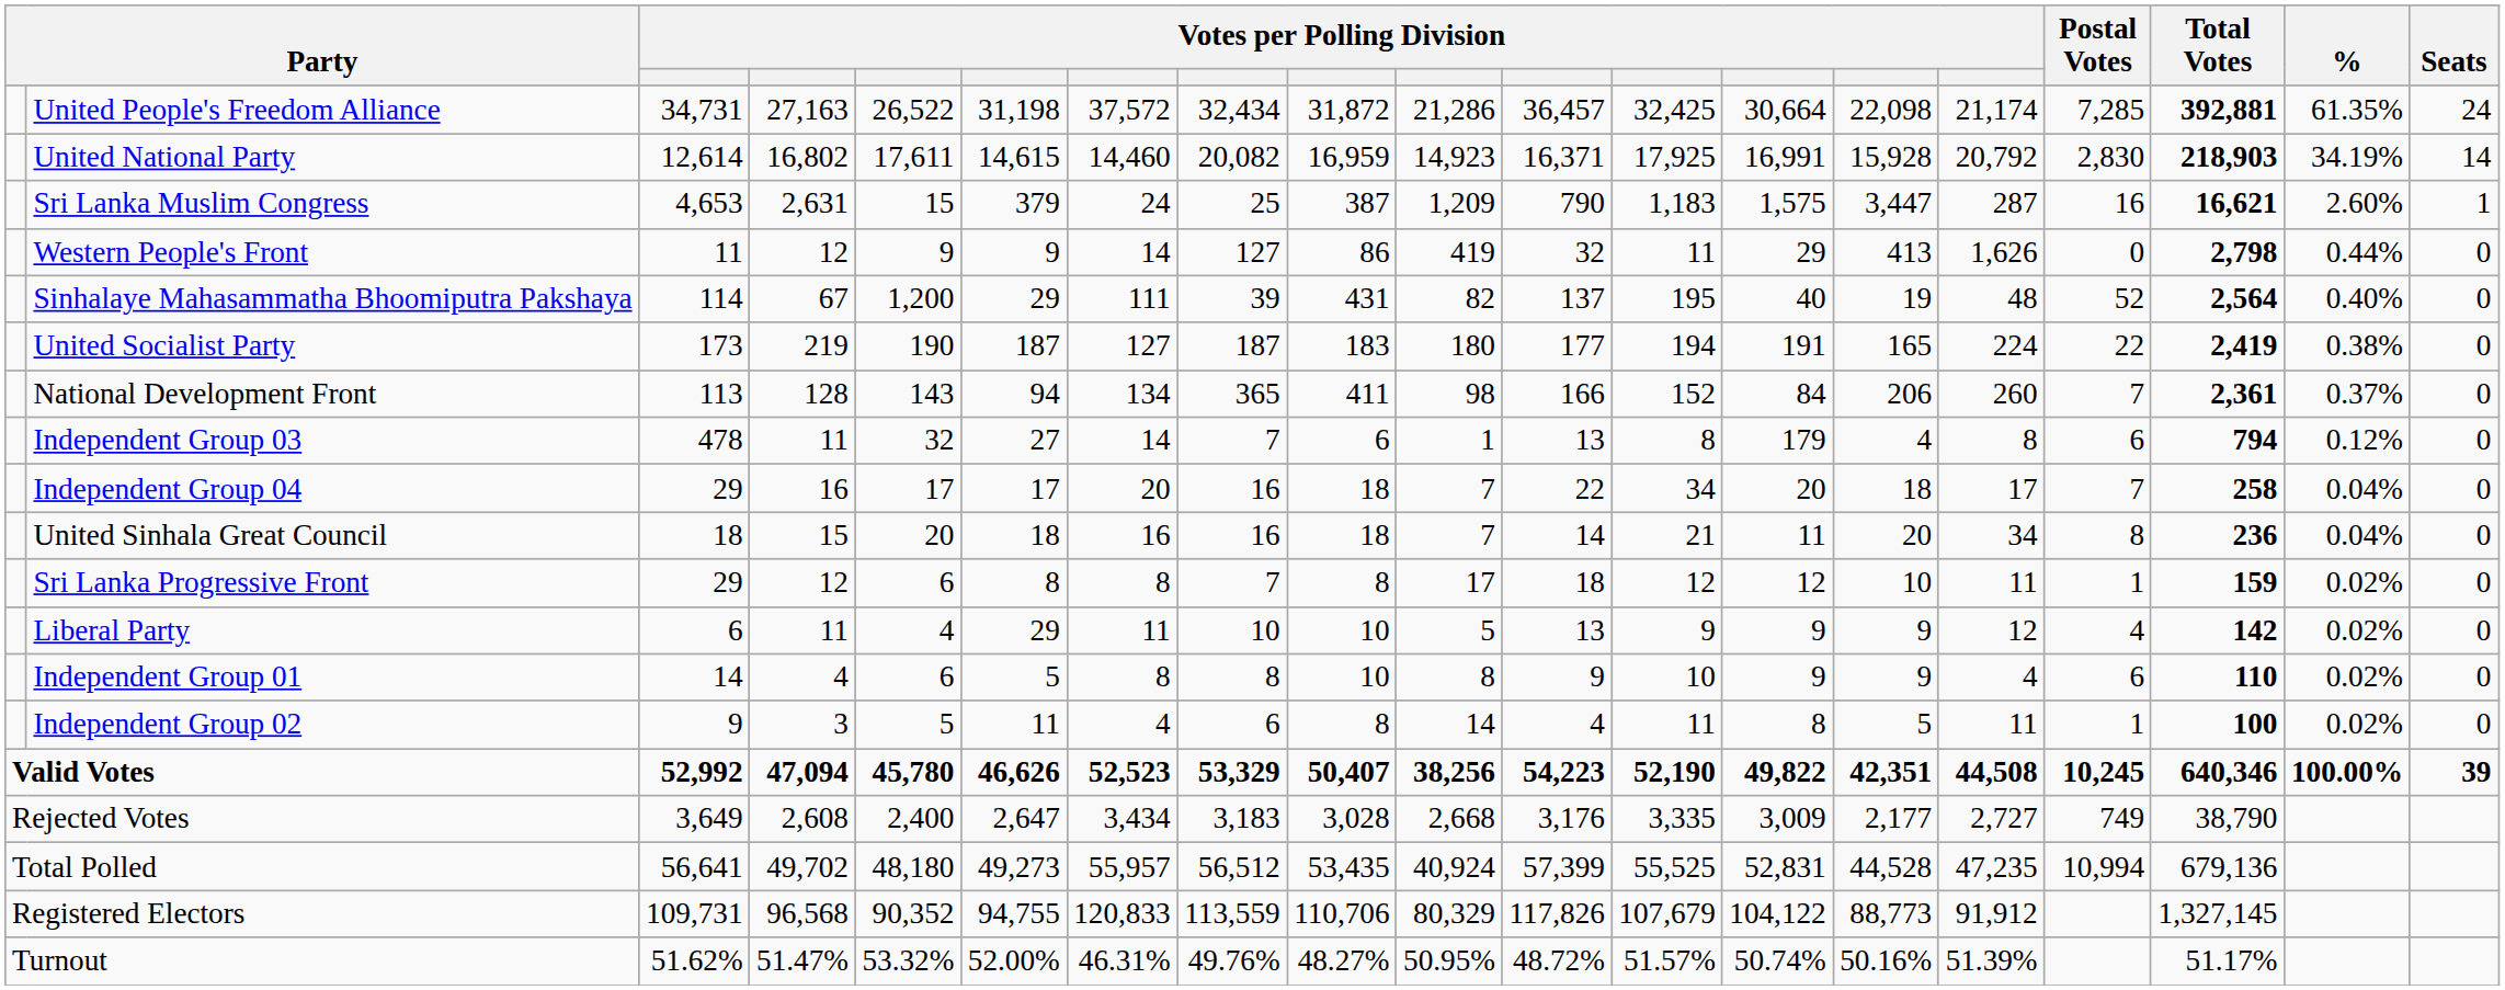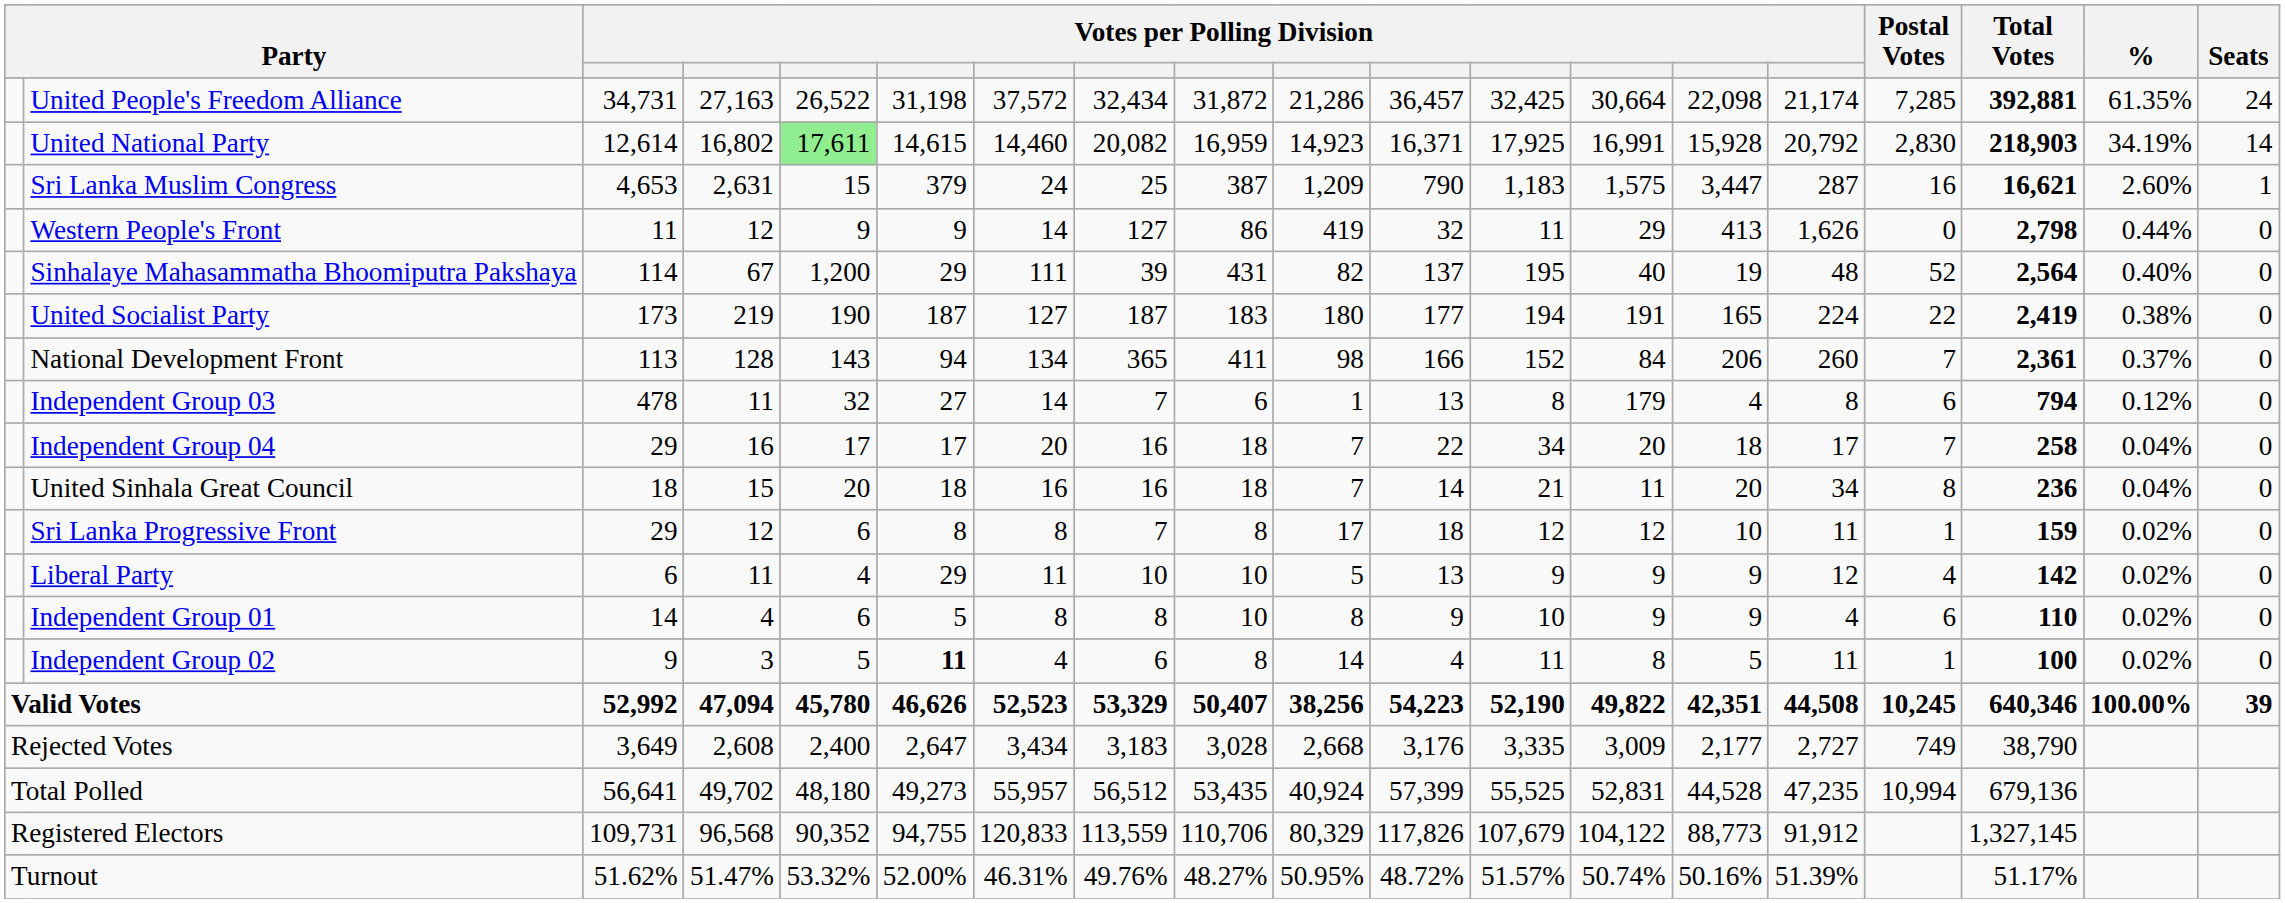 <table class="wikitable" border="1" style="text-align:right;">
 <tr>
 <th align=left valign=bottom rowspan=2 colspan=2>Party</th>
 <th colspan=13>Votes per Polling Division</th>
 <th align=center valign=bottom rowspan=2 width="50">Postal<br>Votes</th>
 <th align=center valign=bottom rowspan=2 width="50">Total Votes</th>
 <th align=center valign=bottom rowspan=2 width="50">%</th>
 <th align=center valign=bottom rowspan=2 width="40">Seats</th>
 </tr>
 <tr>
 <th></th>
 <th></th>
 <th></th>
 <th></th>
 <th></th>
 <th></th>
 <th></th>
 <th></th>
 <th></th>
 <th></th>
 <th></th>
 <th></th>
 <th></th>
 </tr>
 <tr>
 <td bgcolor=> </td>
 <td align=left><a href='#'>United People's Freedom Alliance</a></td>
 <td>34,731</td>
 <td>27,163</td>
 <td>26,522</td>
 <td>31,198</td>
 <td>37,572</td>
 <td>32,434</td>
 <td>31,872</td>
 <td>21,286</td>
 <td>36,457</td>
 <td>32,425</td>
 <td>30,664</td>
 <td>22,098</td>
 <td>21,174</td>
 <td>7,285</td>
 <td><strong>392,881</strong></td>
 <td>61.35%</td>
 <td>24</td>
 </tr>
 <tr>
 <td bgcolor=> </td>
 <td align=left><a href='#'>United National Party</a></td>
 <td>12,614</td>
 <td>16,802</td>
-<td>17,611</td>
+<td style="background: lightgreen;">17,611</td>
 <td>14,615</td>
 <td>14,460</td>
 <td>20,082</td>
 <td>16,959</td>
 <td>14,923</td>
 <td>16,371</td>
 <td>17,925</td>
 <td>16,991</td>
 <td>15,928</td>
 <td>20,792</td>
 <td>2,830</td>
 <td><strong>218,903</strong></td>
 <td>34.19%</td>
 <td>14</td>
 </tr>
 <tr>
 <td bgcolor=> </td>
 <td align=left><a href='#'>Sri Lanka Muslim Congress</a></td>
 <td>4,653</td>
 <td>2,631</td>
 <td>15</td>
 <td>379</td>
 <td>24</td>
 <td>25</td>
 <td>387</td>
 <td>1,209</td>
 <td>790</td>
 <td>1,183</td>
 <td>1,575</td>
 <td>3,447</td>
 <td>287</td>
 <td>16</td>
 <td><strong>16,621</strong></td>
 <td>2.60%</td>
 <td>1</td>
 </tr>
 <tr>
 <td bgcolor=> </td>
 <td align=left><a href='#'>Western People's Front</a></td>
 <td>11</td>
 <td>12</td>
 <td>9</td>
 <td>9</td>
 <td>14</td>
 <td>127</td>
 <td>86</td>
 <td>419</td>
 <td>32</td>
 <td>11</td>
 <td>29</td>
 <td>413</td>
 <td>1,626</td>
 <td>0</td>
 <td><strong>2,798</strong></td>
 <td>0.44%</td>
 <td>0</td>
 </tr>
 <tr>
 <td bgcolor=> </td>
 <td align=left><a href='#'>Sinhalaye Mahasammatha Bhoomiputra Pakshaya</a></td>
 <td>114</td>
 <td>67</td>
 <td>1,200</td>
 <td>29</td>
 <td>111</td>
 <td>39</td>
 <td>431</td>
 <td>82</td>
 <td>137</td>
 <td>195</td>
 <td>40</td>
 <td>19</td>
 <td>48</td>
 <td>52</td>
 <td><strong>2,564</strong></td>
 <td>0.40%</td>
 <td>0</td>
 </tr>
 <tr>
 <td bgcolor=> </td>
 <td align=left><a href='#'>United Socialist Party</a></td>
 <td>173</td>
 <td>219</td>
 <td>190</td>
 <td>187</td>
 <td>127</td>
 <td>187</td>
 <td>183</td>
 <td>180</td>
 <td>177</td>
 <td>194</td>
 <td>191</td>
 <td>165</td>
 <td>224</td>
 <td>22</td>
 <td><strong>2,419</strong></td>
 <td>0.38%</td>
 <td>0</td>
 </tr>
 <tr>
 <td bgcolor=> </td>
 <td align=left>National Development Front</td>
 <td>113</td>
 <td>128</td>
 <td>143</td>
 <td>94</td>
 <td>134</td>
 <td>365</td>
 <td>411</td>
 <td>98</td>
 <td>166</td>
 <td>152</td>
 <td>84</td>
 <td>206</td>
 <td>260</td>
 <td>7</td>
 <td><strong>2,361</strong></td>
 <td>0.37%</td>
 <td>0</td>
 </tr>
 <tr>
 <td bgcolor=> </td>
 <td align=left><a href='#'>Independent Group 03</a></td>
 <td>478</td>
 <td>11</td>
 <td>32</td>
 <td>27</td>
 <td>14</td>
 <td>7</td>
 <td>6</td>
 <td>1</td>
 <td>13</td>
 <td>8</td>
 <td>179</td>
 <td>4</td>
 <td>8</td>
 <td>6</td>
 <td><strong>794</strong></td>
 <td>0.12%</td>
 <td>0</td>
 </tr>
 <tr>
 <td bgcolor=> </td>
 <td align=left><a href='#'>Independent Group 04</a></td>
 <td>29</td>
 <td>16</td>
 <td>17</td>
 <td>17</td>
 <td>20</td>
 <td>16</td>
 <td>18</td>
 <td>7</td>
 <td>22</td>
 <td>34</td>
 <td>20</td>
 <td>18</td>
 <td>17</td>
 <td>7</td>
 <td><strong>258</strong></td>
 <td>0.04%</td>
 <td>0</td>
 </tr>
 <tr>
 <td bgcolor=> </td>
 <td align=left>United Sinhala Great Council</td>
 <td>18</td>
 <td>15</td>
 <td>20</td>
 <td>18</td>
 <td>16</td>
 <td>16</td>
 <td>18</td>
 <td>7</td>
 <td>14</td>
 <td>21</td>
 <td>11</td>
 <td>20</td>
 <td>34</td>
 <td>8</td>
 <td><strong>236</strong></td>
 <td>0.04%</td>
 <td>0</td>
 </tr>
 <tr>
 <td bgcolor=> </td>
 <td align=left><a href='#'>Sri Lanka Progressive Front</a></td>
 <td>29</td>
 <td>12</td>
 <td>6</td>
 <td>8</td>
 <td>8</td>
 <td>7</td>
 <td>8</td>
 <td>17</td>
 <td>18</td>
 <td>12</td>
 <td>12</td>
 <td>10</td>
 <td>11</td>
 <td>1</td>
 <td><strong>159</strong></td>
 <td>0.02%</td>
 <td>0</td>
 </tr>
 <tr>
 <td bgcolor=> </td>
 <td align=left><a href='#'>Liberal Party</a></td>
 <td>6</td>
 <td>11</td>
 <td>4</td>
 <td>29</td>
 <td>11</td>
 <td>10</td>
 <td>10</td>
 <td>5</td>
 <td>13</td>
 <td>9</td>
 <td>9</td>
 <td>9</td>
 <td>12</td>
 <td>4</td>
 <td><strong>142</strong></td>
 <td>0.02%</td>
 <td>0</td>
 </tr>
 <tr>
 <td bgcolor=> </td>
 <td align=left><a href='#'>Independent Group 01</a></td>
 <td>14</td>
 <td>4</td>
 <td>6</td>
 <td>5</td>
 <td>8</td>
 <td>8</td>
 <td>10</td>
 <td>8</td>
 <td>9</td>
 <td>10</td>
 <td>9</td>
 <td>9</td>
 <td>4</td>
 <td>6</td>
 <td><strong>110</strong></td>
 <td>0.02%</td>
 <td>0</td>
 </tr>
 <tr>
 <td bgcolor=> </td>
 <td align=left><a href='#'>Independent Group 02</a></td>
 <td>9</td>
 <td>3</td>
 <td>5</td>
-<td>11</td>
+<td><strong>11</strong></td>
 <td>4</td>
 <td>6</td>
 <td>8</td>
 <td>14</td>
 <td>4</td>
 <td>11</td>
 <td>8</td>
 <td>5</td>
 <td>11</td>
 <td>1</td>
 <td><strong>100</strong></td>
 <td>0.02%</td>
 <td>0</td>
 </tr>
 <tr>
 <td align=left colspan=2><strong>Valid Votes</strong></td>
 <td><strong>52,992</strong></td>
 <td><strong>47,094</strong></td>
 <td><strong>45,780</strong></td>
 <td><strong>46,626</strong></td>
 <td><strong>52,523</strong></td>
 <td><strong>53,329</strong></td>
 <td><strong>50,407</strong></td>
 <td><strong>38,256</strong></td>
 <td><strong>54,223</strong></td>
 <td><strong>52,190</strong></td>
 <td><strong>49,822</strong></td>
 <td><strong>42,351</strong></td>
 <td><strong>44,508</strong></td>
 <td><strong>10,245</strong></td>
 <td><strong>640,346</strong></td>
 <td><strong>100.00%</strong></td>
 <td><strong>39</strong></td>
 </tr>
 <tr>
 <td align=left colspan=2>Rejected Votes</td>
 <td>3,649</td>
 <td>2,608</td>
 <td>2,400</td>
 <td>2,647</td>
 <td>3,434</td>
 <td>3,183</td>
 <td>3,028</td>
 <td>2,668</td>
 <td>3,176</td>
 <td>3,335</td>
 <td>3,009</td>
 <td>2,177</td>
 <td>2,727</td>
 <td>749</td>
 <td>38,790</td>
 <td></td>
 <td></td>
 </tr>
 <tr>
 <td align=left colspan=2>Total Polled</td>
 <td>56,641</td>
 <td>49,702</td>
 <td>48,180</td>
 <td>49,273</td>
 <td>55,957</td>
 <td>56,512</td>
 <td>53,435</td>
 <td>40,924</td>
 <td>57,399</td>
 <td>55,525</td>
 <td>52,831</td>
 <td>44,528</td>
 <td>47,235</td>
 <td>10,994</td>
 <td>679,136</td>
 <td></td>
 <td></td>
 </tr>
 <tr>
 <td align=left colspan=2>Registered Electors</td>
 <td>109,731</td>
 <td>96,568</td>
 <td>90,352</td>
 <td>94,755</td>
 <td>120,833</td>
 <td>113,559</td>
 <td>110,706</td>
 <td>80,329</td>
 <td>117,826</td>
 <td>107,679</td>
 <td>104,122</td>
 <td>88,773</td>
 <td>91,912</td>
 <td></td>
 <td>1,327,145</td>
 <td></td>
 <td></td>
 </tr>
 <tr>
 <td align=left colspan=2>Turnout</td>
 <td>51.62%</td>
 <td>51.47%</td>
 <td>53.32%</td>
 <td>52.00%</td>
 <td>46.31%</td>
 <td>49.76%</td>
 <td>48.27%</td>
 <td>50.95%</td>
 <td>48.72%</td>
 <td>51.57%</td>
 <td>50.74%</td>
 <td>50.16%</td>
 <td>51.39%</td>
 <td></td>
 <td>51.17%</td>
 <td></td>
 <td></td>
 </tr>
 </table>
